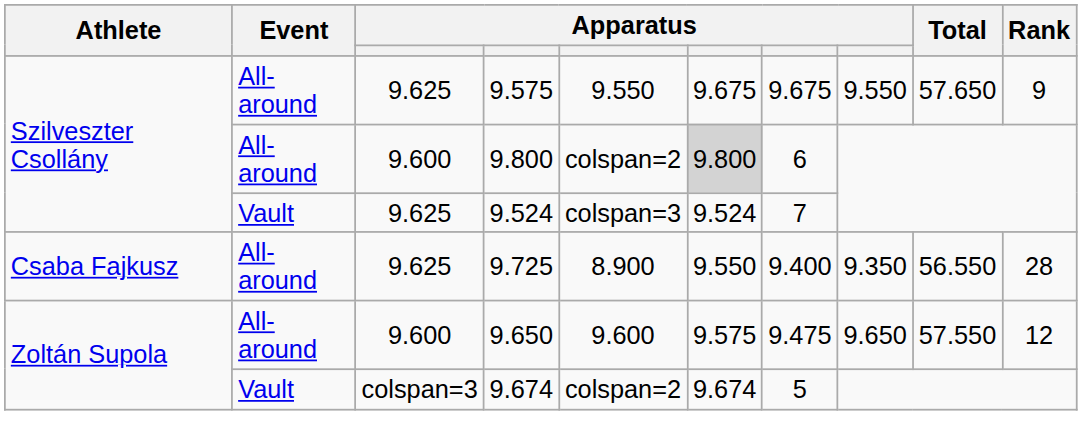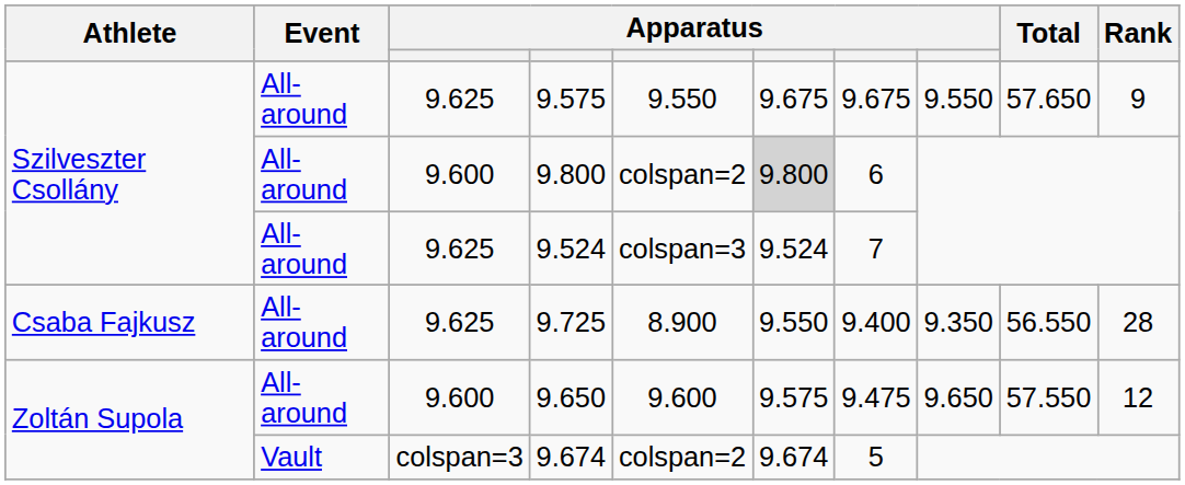 <table class="wikitable" style="font-size:90%">
 <tr>
 <th rowspan=2>Athlete</th>
 <th rowspan=2>Event</th>
 <th colspan=6>Apparatus</th>
 <th rowspan=2>Total</th>
 <th rowspan=2>Rank</th>
 </tr>
 <tr style="font-size:95%">
 <th></th>
 <th></th>
 <th></th>
 <th></th>
 <th></th>
 <th></th>
 </tr>
 <tr align=center>
 <td align=left rowspan=3><a href='#'>Szilveszter Csollány</a></td>
 <td align=left><a href='#'>All-around</a></td>
 <td>9.625</td>
 <td>9.575</td>
 <td>9.550</td>
 <td>9.675</td>
 <td>9.675</td>
 <td>9.550</td>
 <td>57.650</td>
 <td>9</td>
 </tr>
 <tr align=center>
 <td align=left><a href='#'>All-around</a></td>
 <td>9.600</td>
 <td>9.800</td>
 <td>colspan=2</td>
 <td style="background: lightgrey;">9.800</td>
 <td>6</td>
 </tr>
 <tr align=center>
-<td align=left><a href='#'>Vault</a></td>
+<td align=left><a href='#'>All-around</a></td>
 <td>9.625</td>
 <td>9.524</td>
 <td>colspan=3</td>
 <td>9.524</td>
 <td>7</td>
 </tr>
 <tr align=center>
 <td align=left><a href='#'>Csaba Fajkusz</a></td>
 <td align=left><a href='#'>All-around</a></td>
 <td>9.625</td>
 <td>9.725</td>
 <td>8.900</td>
 <td>9.550</td>
 <td>9.400</td>
 <td>9.350</td>
 <td>56.550</td>
 <td>28</td>
 </tr>
 <tr align=center>
 <td align=left rowspan=2><a href='#'>Zoltán Supola</a></td>
 <td align=left><a href='#'>All-around</a></td>
 <td>9.600</td>
 <td>9.650</td>
 <td>9.600</td>
 <td>9.575</td>
 <td>9.475</td>
 <td>9.650</td>
 <td>57.550</td>
 <td>12</td>
 </tr>
 <tr align=center>
 <td align=left><a href='#'>Vault</a></td>
 <td>colspan=3</td>
 <td>9.674</td>
 <td>colspan=2</td>
 <td>9.674</td>
 <td>5</td>
 </tr>
 </table>
